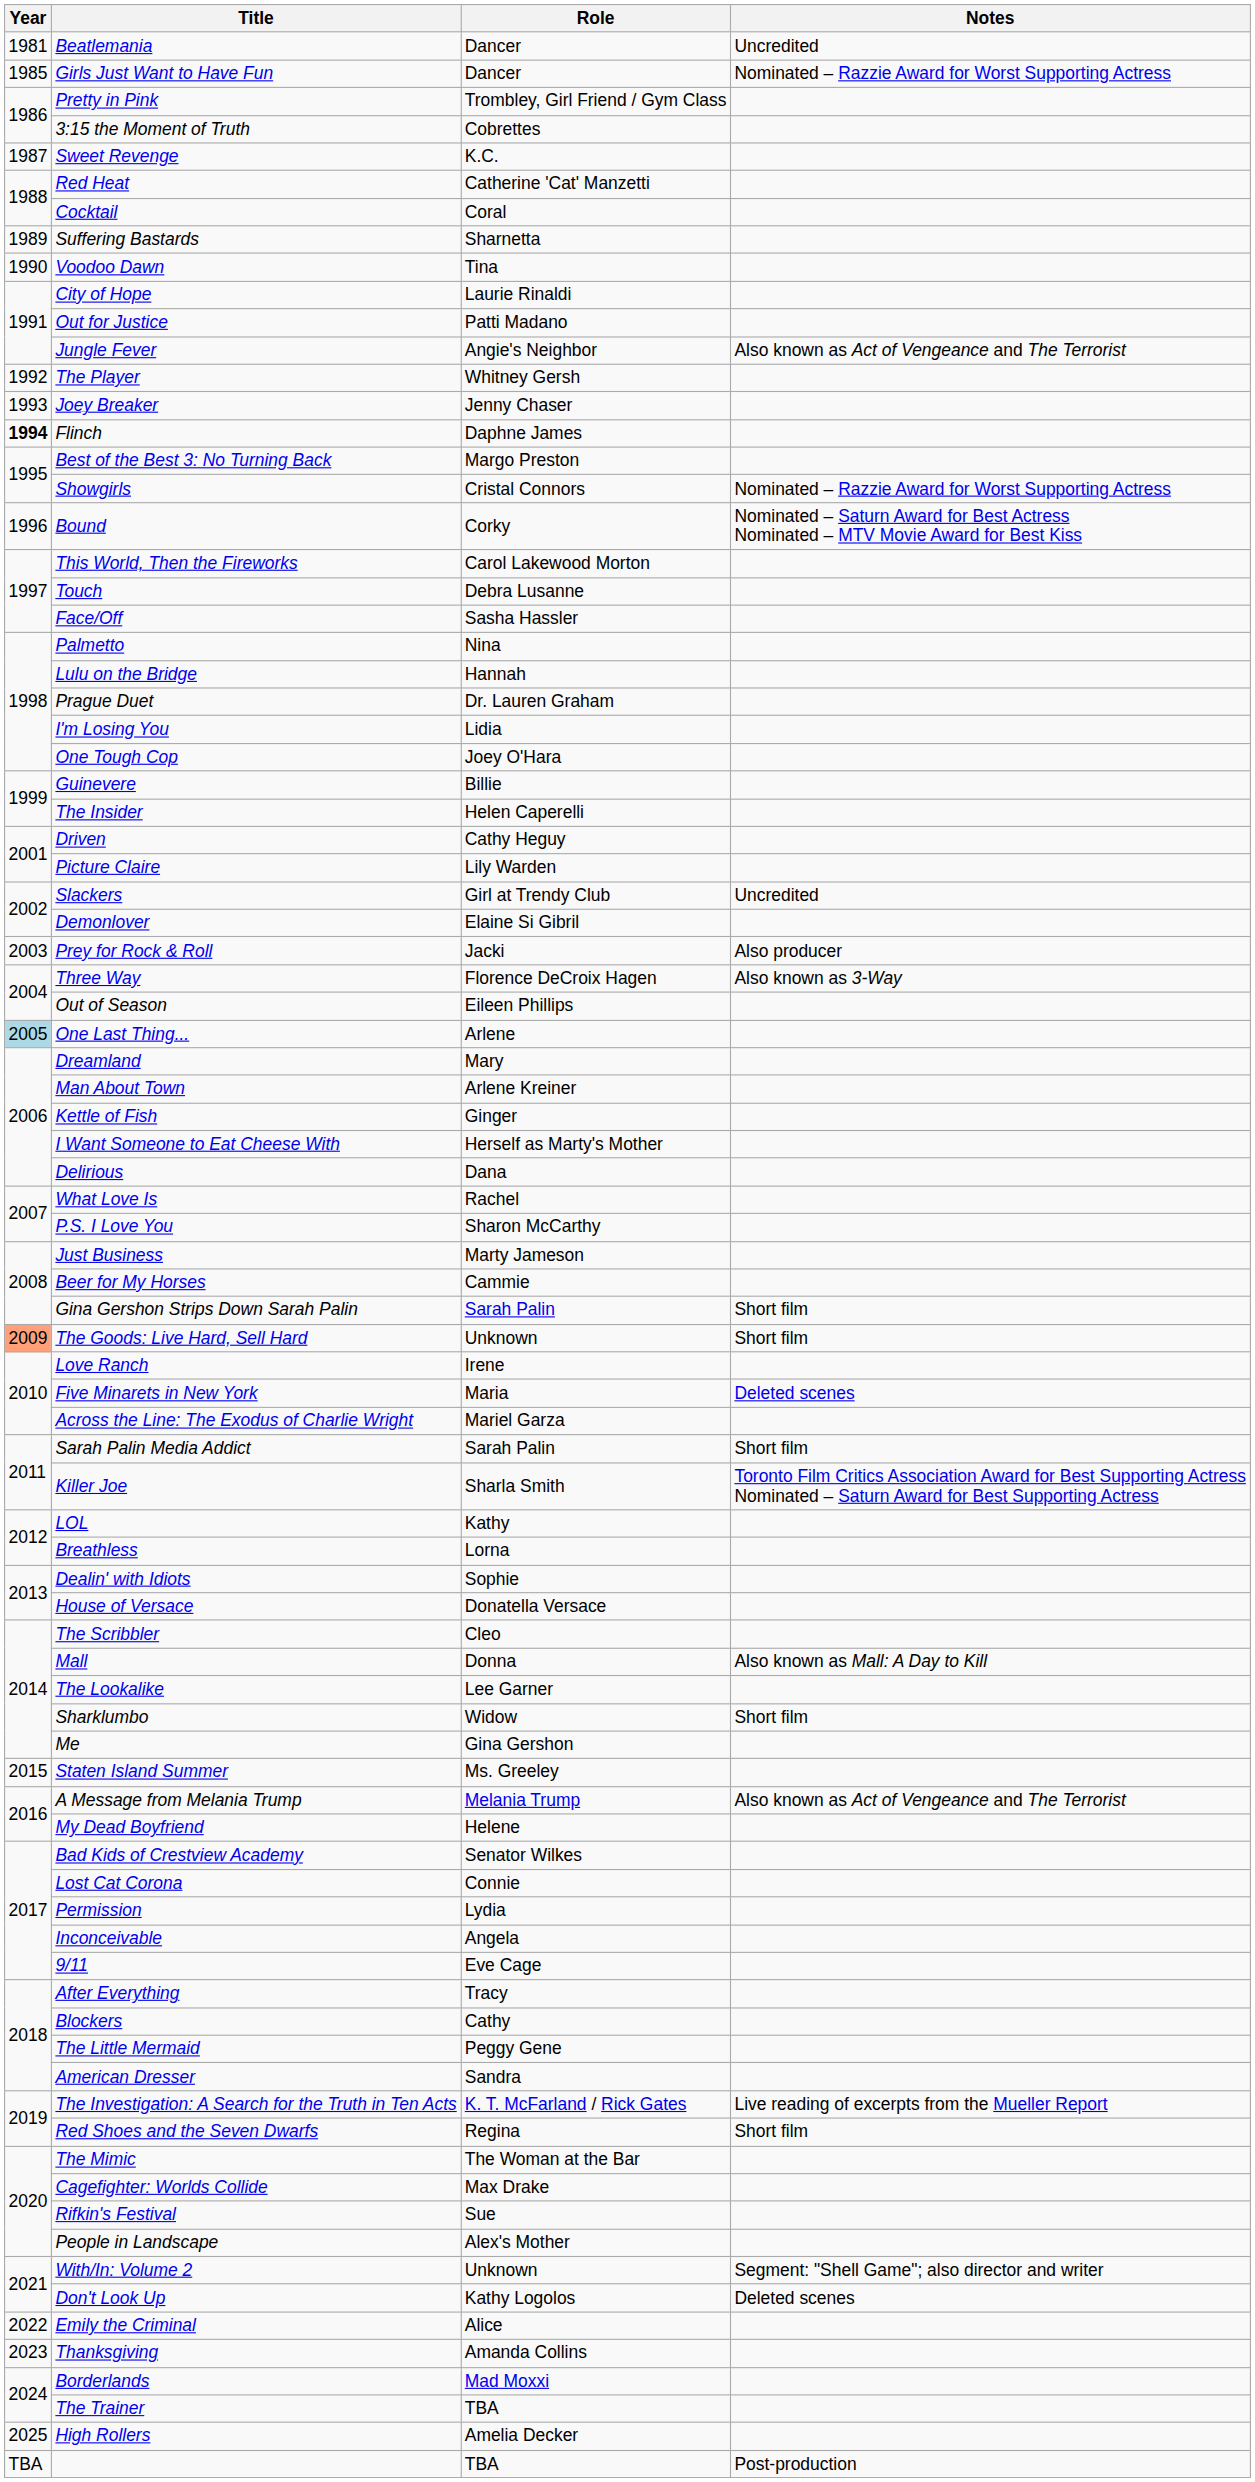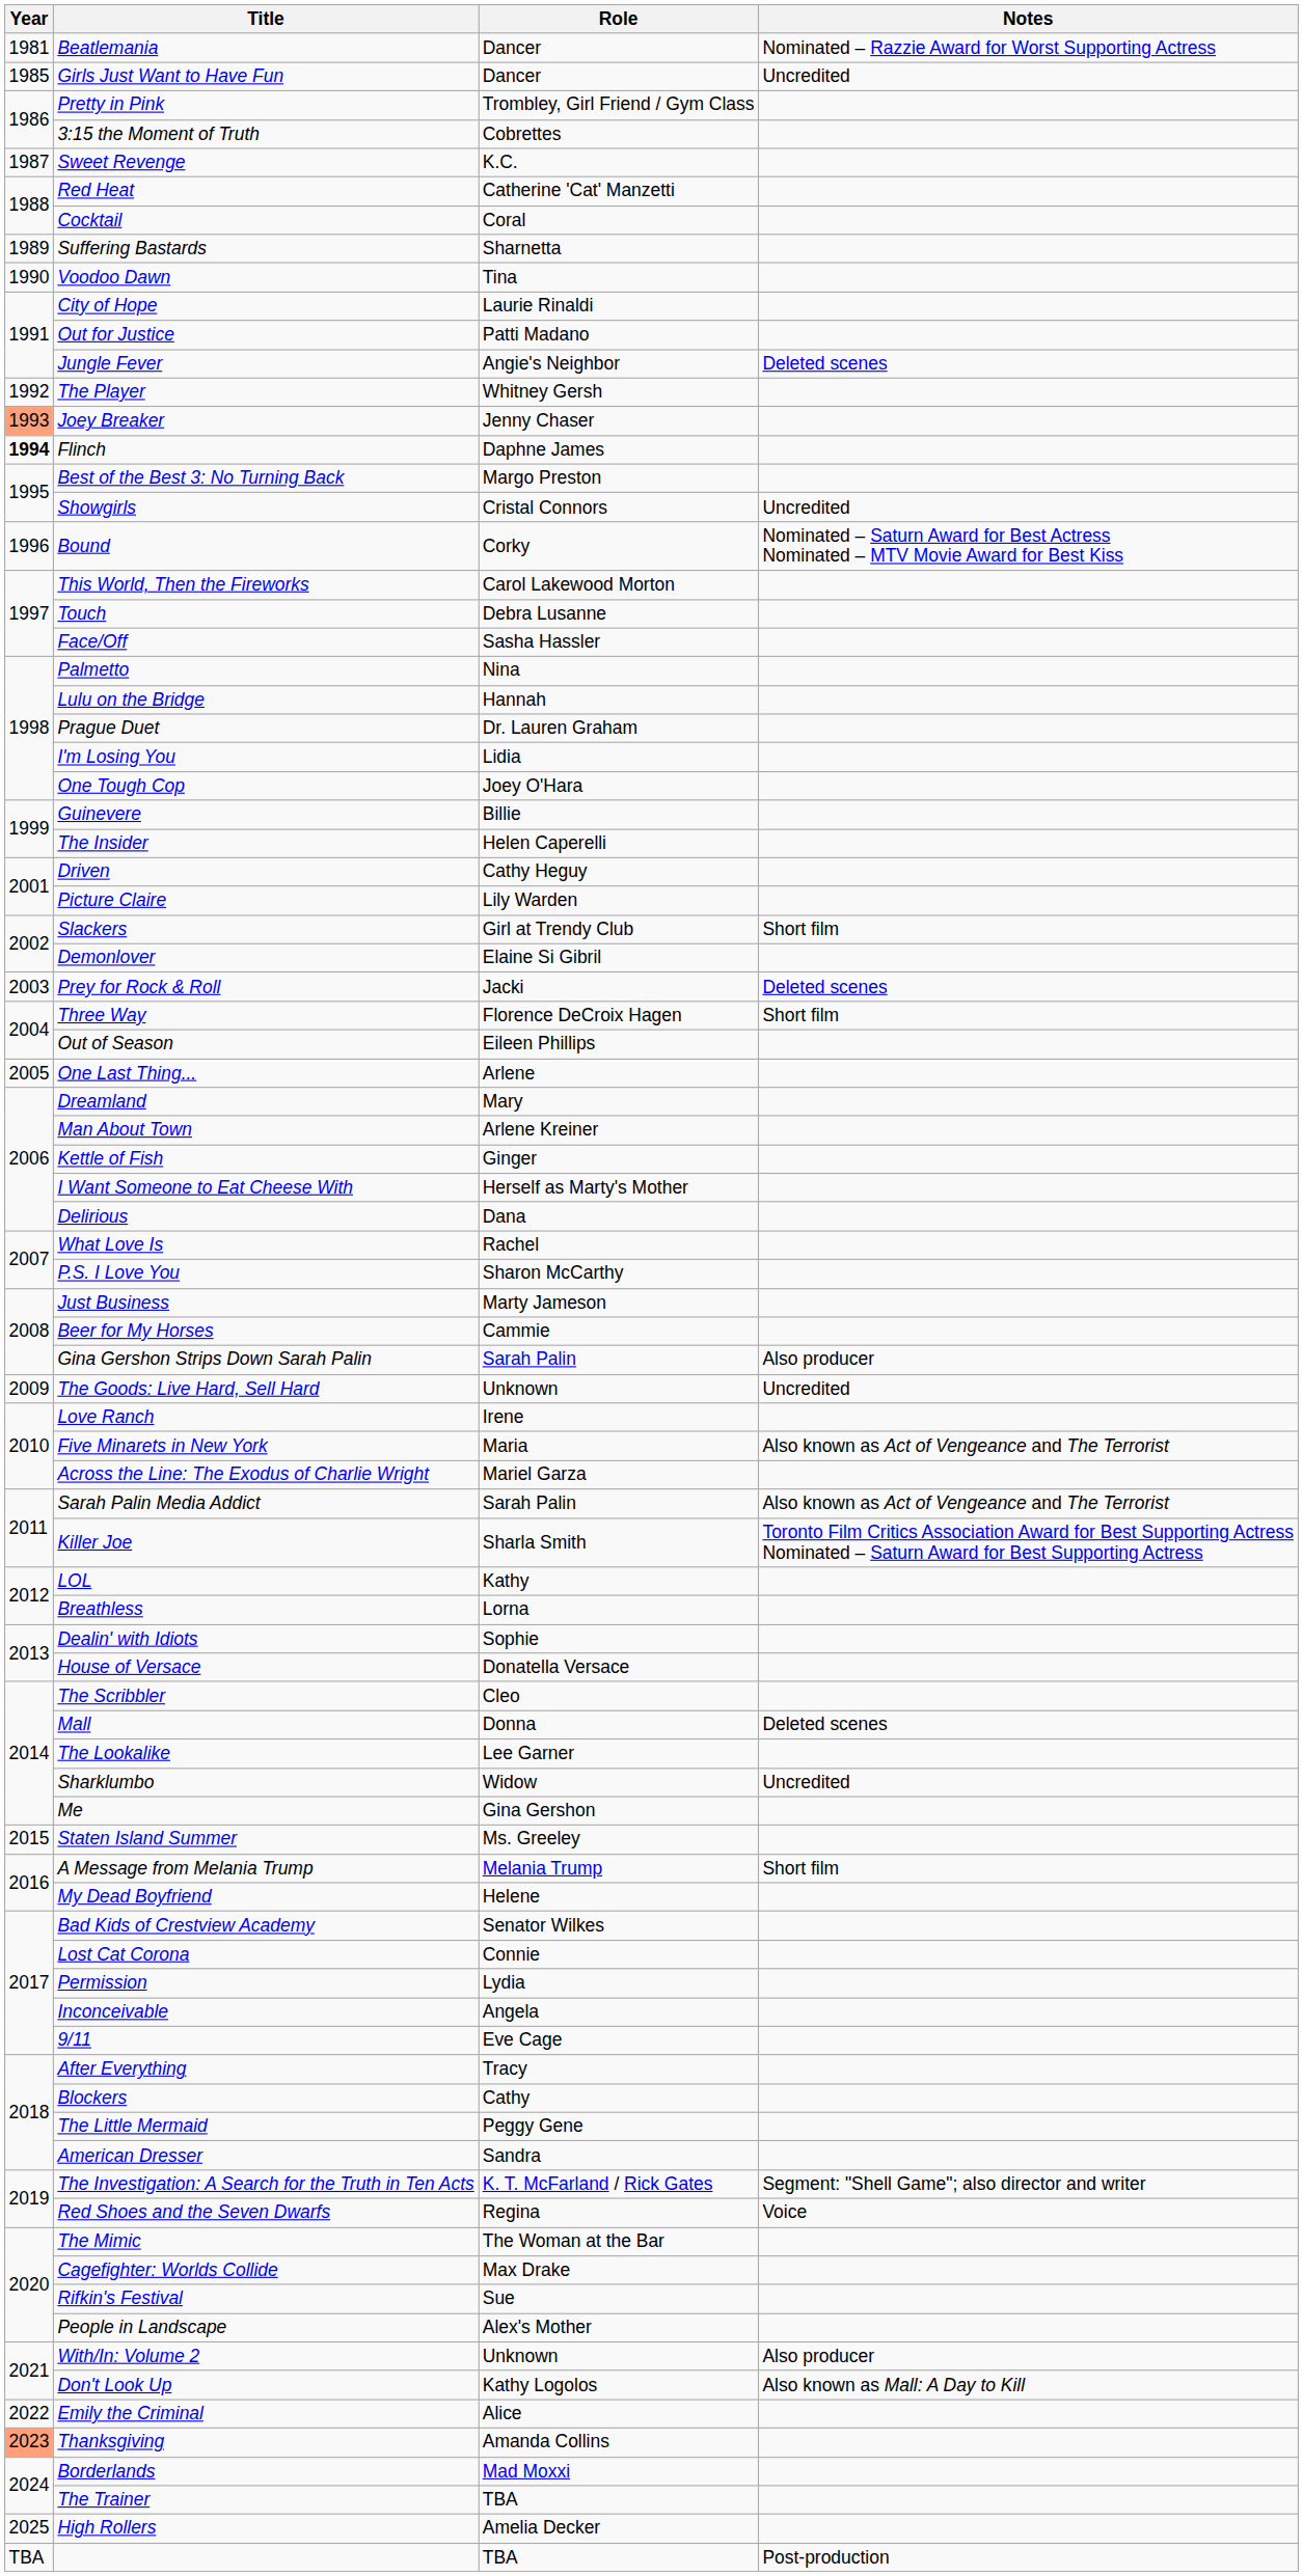 <table class="wikitable sortable">
 <tr>
 <th>Year</th>
 <th>Title</th>
 <th>Role</th>
 <th class="unsortable">Notes</th>
 </tr>
 <tr>
 <td>1981</td>
 <td><em><a href='#'>Beatlemania</a></em></td>
 <td>Dancer</td>
-<td>Uncredited</td>
+<td>Nominated – <a href='#'>Razzie Award for Worst Supporting Actress</a></td>
 </tr>
 <tr>
 <td>1985</td>
 <td><em><a href='#'>Girls Just Want to Have Fun</a></em></td>
 <td>Dancer</td>
-<td>Nominated – <a href='#'>Razzie Award for Worst Supporting Actress</a></td>
+<td>Uncredited</td>
 </tr>
 <tr>
 <td rowspan="2">1986</td>
 <td><em><a href='#'>Pretty in Pink</a></em></td>
 <td>Trombley, Girl Friend / Gym Class</td>
 <td></td>
 </tr>
 <tr>
 <td data-sort-value="Three Fifteen"><em>3:15 the Moment of Truth</em></td>
 <td>Cobrettes</td>
 <td></td>
 </tr>
 <tr>
 <td>1987</td>
 <td><em><a href='#'>Sweet Revenge</a></em></td>
 <td>K.C.</td>
 <td></td>
 </tr>
 <tr>
 <td rowspan="2">1988</td>
 <td><em><a href='#'>Red Heat</a></em></td>
 <td>Catherine 'Cat' Manzetti</td>
 <td></td>
 </tr>
 <tr>
 <td><em><a href='#'>Cocktail</a></em></td>
 <td>Coral</td>
 <td></td>
 </tr>
 <tr>
 <td>1989</td>
 <td><em>Suffering Bastards</em></td>
 <td>Sharnetta</td>
 <td></td>
 </tr>
 <tr>
 <td>1990</td>
 <td><em><a href='#'>Voodoo Dawn</a></em></td>
 <td>Tina</td>
 <td></td>
 </tr>
 <tr>
 <td rowspan="3">1991</td>
 <td><em><a href='#'>City of Hope</a></em></td>
 <td>Laurie Rinaldi</td>
 <td></td>
 </tr>
 <tr>
 <td><em><a href='#'>Out for Justice</a></em></td>
 <td>Patti Madano</td>
 <td></td>
 </tr>
 <tr>
 <td><em><a href='#'>Jungle Fever</a></em></td>
 <td>Angie's Neighbor</td>
-<td>Also known as <em>Act of Vengeance</em> and <em>The Terrorist</em></td>
+<td><a href='#'>Deleted scenes</a></td>
 </tr>
 <tr>
 <td>1992</td>
 <td data-sort-value="Player, The"><em><a href='#'>The Player</a></em></td>
 <td>Whitney Gersh</td>
 <td></td>
 </tr>
 <tr>
-<td>1993</td>
+<td style="background: lightsalmon;">1993</td>
 <td><em><a href='#'>Joey Breaker</a></em></td>
 <td>Jenny Chaser</td>
 <td></td>
 </tr>
 <tr>
 <td><strong>1994</strong></td>
 <td><em>Flinch</em></td>
 <td>Daphne James</td>
 <td></td>
 </tr>
 <tr>
 <td rowspan="2">1995</td>
 <td><em><a href='#'>Best of the Best 3: No Turning Back</a></em></td>
 <td>Margo Preston</td>
 <td></td>
 </tr>
 <tr>
 <td><em><a href='#'>Showgirls</a></em></td>
 <td>Cristal Connors</td>
-<td>Nominated – <a href='#'>Razzie Award for Worst Supporting Actress</a></td>
+<td>Uncredited</td>
 </tr>
 <tr>
 <td>1996</td>
 <td><em><a href='#'>Bound</a></em></td>
 <td>Corky</td>
 <td>Nominated – <a href='#'>Saturn Award for Best Actress</a><br>Nominated – <a href='#'>MTV Movie Award for Best Kiss</a></td>
 </tr>
 <tr>
 <td rowspan="3">1997</td>
 <td><em><a href='#'>This World, Then the Fireworks</a></em></td>
 <td>Carol Lakewood Morton</td>
 <td></td>
 </tr>
 <tr>
 <td><em><a href='#'>Touch</a></em></td>
 <td>Debra Lusanne</td>
 <td></td>
 </tr>
 <tr>
 <td><em><a href='#'>Face/Off</a></em></td>
 <td>Sasha Hassler</td>
 <td></td>
 </tr>
 <tr>
 <td rowspan="5">1998</td>
 <td><em><a href='#'>Palmetto</a></em></td>
 <td>Nina</td>
 <td></td>
 </tr>
 <tr>
 <td><em><a href='#'>Lulu on the Bridge</a></em></td>
 <td>Hannah</td>
 <td></td>
 </tr>
 <tr>
 <td><em>Prague Duet</em></td>
 <td>Dr. Lauren Graham</td>
 <td></td>
 </tr>
 <tr>
 <td><em><a href='#'>I'm Losing You</a></em></td>
 <td>Lidia</td>
 <td></td>
 </tr>
 <tr>
 <td><em><a href='#'>One Tough Cop</a></em></td>
 <td>Joey O'Hara</td>
 <td></td>
 </tr>
 <tr>
 <td rowspan="2">1999</td>
 <td><em><a href='#'>Guinevere</a></em></td>
 <td>Billie</td>
 <td></td>
 </tr>
 <tr>
 <td data-sort-value="Insider, The"><em><a href='#'>The Insider</a></em></td>
 <td>Helen Caperelli</td>
 <td></td>
 </tr>
 <tr>
 <td rowspan="2">2001</td>
 <td><em><a href='#'>Driven</a></em></td>
 <td>Cathy Heguy</td>
 <td></td>
 </tr>
 <tr>
 <td><em><a href='#'>Picture Claire</a></em></td>
 <td>Lily Warden</td>
 <td></td>
 </tr>
 <tr>
 <td rowspan="2">2002</td>
 <td><em><a href='#'>Slackers</a></em></td>
 <td>Girl at Trendy Club</td>
-<td>Uncredited</td>
+<td>Short film</td>
 </tr>
 <tr>
 <td><em><a href='#'>Demonlover</a></em></td>
 <td>Elaine Si Gibril</td>
 <td></td>
 </tr>
 <tr>
 <td>2003</td>
 <td><em><a href='#'>Prey for Rock & Roll</a></em></td>
 <td>Jacki</td>
-<td>Also producer</td>
+<td><a href='#'>Deleted scenes</a></td>
 </tr>
 <tr>
 <td rowspan="2">2004</td>
 <td><em><a href='#'>Three Way</a></em></td>
 <td>Florence DeCroix Hagen</td>
-<td>Also known as <em>3-Way</em></td>
+<td>Short film</td>
 </tr>
 <tr>
 <td><em>Out of Season</em></td>
 <td>Eileen Phillips</td>
 <td></td>
 </tr>
 <tr>
-<td style="background: lightblue;">2005</td>
+<td>2005</td>
 <td><em><a href='#'>One Last Thing...</a></em></td>
 <td>Arlene</td>
 <td></td>
 </tr>
 <tr>
 <td rowspan="5">2006</td>
 <td><em><a href='#'>Dreamland</a></em></td>
 <td>Mary</td>
 <td></td>
 </tr>
 <tr>
 <td><em><a href='#'>Man About Town</a></em></td>
 <td>Arlene Kreiner</td>
 <td></td>
 </tr>
 <tr>
 <td><em><a href='#'>Kettle of Fish</a></em></td>
 <td>Ginger</td>
 <td></td>
 </tr>
 <tr>
 <td><em><a href='#'>I Want Someone to Eat Cheese With</a></em></td>
 <td>Herself as Marty's Mother</td>
 <td></td>
 </tr>
 <tr>
 <td><em><a href='#'>Delirious</a></em></td>
 <td>Dana</td>
 <td></td>
 </tr>
 <tr>
 <td rowspan="2">2007</td>
 <td><em><a href='#'>What Love Is</a></em></td>
 <td>Rachel</td>
 <td></td>
 </tr>
 <tr>
 <td><em><a href='#'>P.S. I Love You</a></em></td>
 <td>Sharon McCarthy</td>
 <td></td>
 </tr>
 <tr>
 <td rowspan="3">2008</td>
 <td><em><a href='#'>Just Business</a></em></td>
 <td>Marty Jameson</td>
 <td></td>
 </tr>
 <tr>
 <td><em><a href='#'>Beer for My Horses</a></em></td>
 <td>Cammie</td>
 <td></td>
 </tr>
 <tr>
 <td><em>Gina Gershon Strips Down Sarah Palin</em></td>
 <td><a href='#'>Sarah Palin</a></td>
-<td>Short film</td>
+<td>Also producer</td>
 </tr>
 <tr>
-<td style="background: lightsalmon;">2009</td>
+<td>2009</td>
 <td data-sort-value="Goods: Live Hard, Sell Hard, The"><em><a href='#'>The Goods: Live Hard, Sell Hard</a></em></td>
 <td>Unknown</td>
-<td>Short film</td>
+<td>Uncredited</td>
 </tr>
 <tr>
 <td rowspan="3">2010</td>
 <td><em><a href='#'>Love Ranch</a></em></td>
 <td>Irene</td>
 <td></td>
 </tr>
 <tr>
 <td><em><a href='#'>Five Minarets in New York</a></em></td>
 <td>Maria</td>
-<td><a href='#'>Deleted scenes</a></td>
+<td>Also known as <em>Act of Vengeance</em> and <em>The Terrorist</em></td>
 </tr>
 <tr>
 <td><em><a href='#'>Across the Line: The Exodus of Charlie Wright</a></em></td>
 <td>Mariel Garza</td>
 <td></td>
 </tr>
 <tr>
 <td rowspan="2">2011</td>
 <td><em>Sarah Palin Media Addict</em></td>
 <td>Sarah Palin</td>
-<td>Short film</td>
+<td>Also known as <em>Act of Vengeance</em> and <em>The Terrorist</em></td>
 </tr>
 <tr>
 <td><em><a href='#'>Killer Joe</a></em></td>
 <td>Sharla Smith</td>
 <td><a href='#'>Toronto Film Critics Association Award for Best Supporting Actress</a><br>Nominated – <a href='#'>Saturn Award for Best Supporting Actress</a></td>
 </tr>
 <tr>
 <td rowspan="2">2012</td>
 <td><em><a href='#'>LOL</a></em></td>
 <td>Kathy</td>
 <td></td>
 </tr>
 <tr>
 <td><em><a href='#'>Breathless</a></em></td>
 <td>Lorna</td>
 <td></td>
 </tr>
 <tr>
 <td rowspan="2">2013</td>
 <td><em><a href='#'>Dealin' with Idiots</a></em></td>
 <td>Sophie</td>
 <td></td>
 </tr>
 <tr>
 <td><em><a href='#'>House of Versace</a></em></td>
 <td>Donatella Versace</td>
 <td></td>
 </tr>
 <tr>
 <td rowspan="5">2014</td>
 <td data-sort-value="Scribbler, The"><em><a href='#'>The Scribbler</a></em></td>
 <td>Cleo</td>
 <td></td>
 </tr>
 <tr>
 <td><em><a href='#'>Mall</a></em></td>
 <td>Donna</td>
-<td>Also known as <em>Mall: A Day to Kill</em></td>
+<td>Deleted scenes</td>
 </tr>
 <tr>
 <td data-sort-value="Lookalike, The"><em><a href='#'>The Lookalike</a></em></td>
 <td>Lee Garner</td>
 <td></td>
 </tr>
 <tr>
 <td><em>Sharklumbo</em></td>
 <td>Widow</td>
-<td>Short film</td>
+<td>Uncredited</td>
 </tr>
 <tr>
 <td><em>Me</em></td>
 <td>Gina Gershon</td>
 <td></td>
 </tr>
 <tr>
 <td>2015</td>
 <td><em><a href='#'>Staten Island Summer</a></em></td>
 <td>Ms. Greeley</td>
 <td></td>
 </tr>
 <tr>
 <td rowspan="2">2016</td>
 <td><em>A Message from Melania Trump</em></td>
 <td><a href='#'>Melania Trump</a></td>
-<td>Also known as <em>Act of Vengeance</em> and <em>The Terrorist</em></td>
+<td>Short film</td>
 </tr>
 <tr>
 <td><em><a href='#'>My Dead Boyfriend</a></em></td>
 <td>Helene</td>
 <td></td>
 </tr>
 <tr>
 <td rowspan="5">2017</td>
 <td><em><a href='#'>Bad Kids of Crestview Academy</a></em></td>
 <td>Senator Wilkes</td>
 <td></td>
 </tr>
 <tr>
 <td><em><a href='#'>Lost Cat Corona</a></em></td>
 <td>Connie</td>
 <td></td>
 </tr>
 <tr>
 <td><em><a href='#'>Permission</a></em></td>
 <td>Lydia</td>
 <td></td>
 </tr>
 <tr>
 <td><em><a href='#'>Inconceivable</a></em></td>
 <td>Angela</td>
 <td></td>
 </tr>
 <tr>
 <td data-sort-value="Nine Eleven"><em><a href='#'>9/11</a></em></td>
 <td>Eve Cage</td>
 <td></td>
 </tr>
 <tr>
 <td rowspan="4">2018</td>
 <td><em><a href='#'>After Everything</a></em></td>
 <td>Tracy</td>
 <td></td>
 </tr>
 <tr>
 <td><em><a href='#'>Blockers</a></em></td>
 <td>Cathy</td>
 <td></td>
 </tr>
 <tr>
 <td><em><a href='#'>The Little Mermaid</a></em></td>
 <td>Peggy Gene</td>
 <td></td>
 </tr>
 <tr>
 <td><em><a href='#'>American Dresser</a></em></td>
 <td>Sandra</td>
 <td></td>
 </tr>
 <tr>
 <td rowspan="2">2019</td>
 <td><em><a href='#'>The Investigation: A Search for the Truth in Ten Acts</a></em></td>
 <td><a href='#'>K. T. McFarland</a> / <a href='#'>Rick Gates</a></td>
-<td>Live reading of excerpts from the <a href='#'>Mueller Report</a></td>
+<td>Segment: "Shell Game"; also director and writer</td>
 </tr>
 <tr>
 <td><em><a href='#'>Red Shoes and the Seven Dwarfs</a></em></td>
 <td>Regina</td>
-<td>Short film</td>
+<td>Voice</td>
 </tr>
 <tr>
 <td rowspan="4">2020</td>
 <td><em><a href='#'>The Mimic</a></em></td>
 <td>The Woman at the Bar</td>
 <td></td>
 </tr>
 <tr>
 <td><em><a href='#'>Cagefighter: Worlds Collide</a></em></td>
 <td>Max Drake</td>
 <td></td>
 </tr>
 <tr>
 <td><em><a href='#'>Rifkin's Festival</a></em></td>
 <td>Sue</td>
 <td></td>
 </tr>
 <tr>
 <td><em>People in Landscape</em></td>
 <td>Alex's Mother</td>
 <td></td>
 </tr>
 <tr>
 <td rowspan="2">2021</td>
 <td><em><a href='#'>With/In: Volume 2</a></em></td>
 <td>Unknown</td>
-<td>Segment: "Shell Game"; also director and writer</td>
+<td>Also producer</td>
 </tr>
 <tr>
 <td><em><a href='#'>Don't Look Up</a></em></td>
 <td>Kathy Logolos</td>
-<td>Deleted scenes</td>
+<td>Also known as <em>Mall: A Day to Kill</em></td>
 </tr>
 <tr>
 <td>2022</td>
 <td><em><a href='#'>Emily the Criminal</a></em></td>
 <td>Alice</td>
 <td></td>
 </tr>
 <tr>
-<td>2023</td>
+<td style="background: lightsalmon;">2023</td>
 <td><em><a href='#'>Thanksgiving</a></em></td>
 <td>Amanda Collins</td>
 <td></td>
 </tr>
 <tr>
 <td rowspan="2'">2024</td>
 <td><em><a href='#'>Borderlands</a></em></td>
 <td><a href='#'>Mad Moxxi</a></td>
 <td></td>
 </tr>
 <tr>
 <td><em><a href='#'>The Trainer</a></em></td>
 <td>TBA</td>
 <td></td>
 </tr>
 <tr>
 <td>2025</td>
 <td><em><a href='#'>High Rollers</a></em></td>
 <td>Amelia Decker</td>
 <td></td>
 </tr>
 <tr>
 <td>TBA</td>
 <td></td>
 <td>TBA</td>
 <td>Post-production</td>
 </tr>
 <tr>
 </tr>
 </table>
